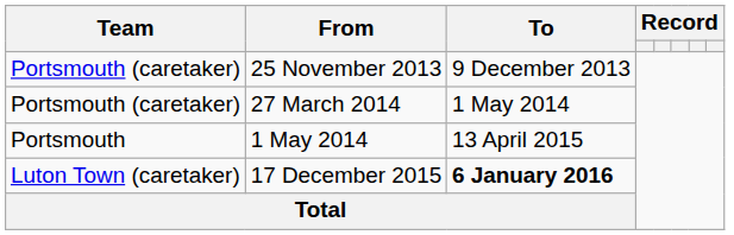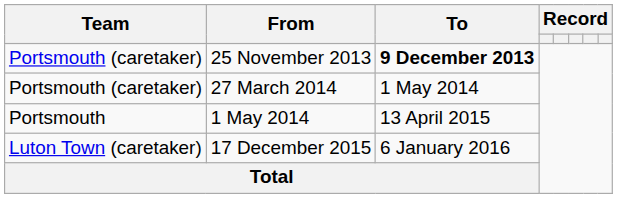 <table class=wikitable style="text-align: center">
 <tr>
 <th rowspan=2>Team</th>
 <th rowspan=2>From</th>
 <th rowspan=2>To</th>
 <th colspan=5>Record</th>
 </tr>
 <tr>
 <th></th>
 <th></th>
 <th></th>
 <th></th>
 <th></th>
 </tr>
 <tr>
 <td align=left><a href='#'>Portsmouth</a> (caretaker)</td>
 <td align=left>25 November 2013</td>
-<td align=left>9 December 2013<br></td>
+<td align=left><strong>9 December 2013<br></strong></td>
 </tr>
 <tr>
 <td align=left>Portsmouth (caretaker)</td>
 <td align=left>27 March 2014</td>
 <td align=left>1 May 2014<br></td>
 </tr>
 <tr>
 <td align=left>Portsmouth</td>
 <td align=left>1 May 2014</td>
 <td align=left>13 April 2015<br></td>
 </tr>
 <tr>
 <td align=left><a href='#'>Luton Town</a> (caretaker)</td>
 <td align=left>17 December 2015</td>
-<td align=left><strong>6 January 2016<br></strong></td>
+<td align=left>6 January 2016<br></td>
 </tr>
 <tr>
 <th colspan=3>Total<br></th>
 </tr>
 </table>
